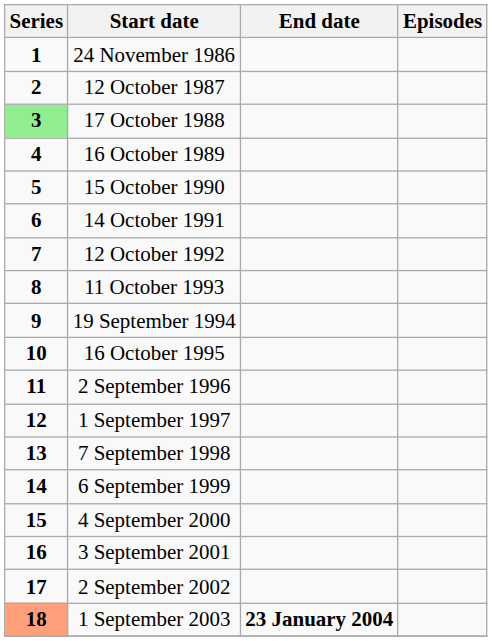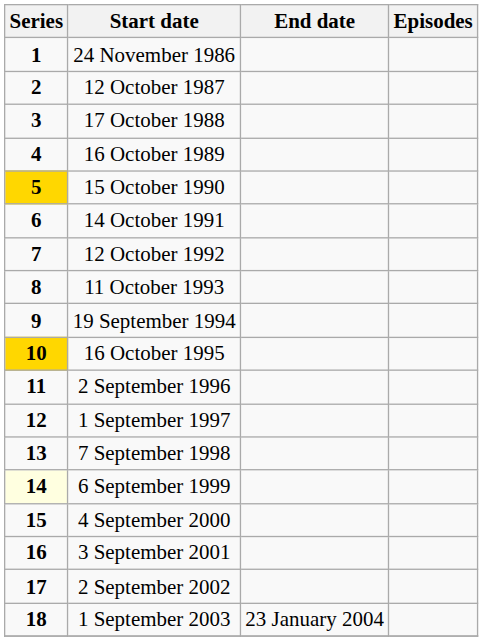 <table class="wikitable" style="text-align:center;">
 <tr>
 <th>Series</th>
 <th>Start date</th>
 <th>End date</th>
 <th>Episodes</th>
 </tr>
 <tr>
 <td><strong>1</strong></td>
 <td>24 November 1986</td>
 <td></td>
 <td></td>
 </tr>
 <tr>
 <td><strong>2</strong></td>
 <td>12 October 1987</td>
 <td></td>
 <td></td>
 </tr>
 <tr>
-<td style="background: lightgreen;"><strong>3</strong></td>
+<td><strong>3</strong></td>
 <td>17 October 1988</td>
 <td></td>
 <td></td>
 </tr>
 <tr>
 <td><strong>4</strong></td>
 <td>16 October 1989</td>
 <td></td>
 <td></td>
 </tr>
 <tr>
-<td><strong>5</strong></td>
+<td style="background: gold;"><strong>5</strong></td>
 <td>15 October 1990</td>
 <td></td>
 <td></td>
 </tr>
 <tr>
 <td><strong>6</strong></td>
 <td>14 October 1991</td>
 <td></td>
 <td></td>
 </tr>
 <tr>
 <td><strong>7</strong></td>
 <td>12 October 1992</td>
 <td></td>
 <td></td>
 </tr>
 <tr>
 <td><strong>8</strong></td>
 <td>11 October 1993</td>
 <td></td>
 <td></td>
 </tr>
 <tr>
 <td><strong>9</strong></td>
 <td>19 September 1994</td>
 <td></td>
 <td></td>
 </tr>
 <tr>
-<td><strong>10</strong></td>
+<td style="background: gold;"><strong>10</strong></td>
 <td>16 October 1995</td>
 <td></td>
 <td></td>
 </tr>
 <tr>
 <td><strong>11</strong></td>
 <td>2 September 1996</td>
 <td></td>
 <td></td>
 </tr>
 <tr>
 <td><strong>12</strong></td>
 <td>1 September 1997</td>
 <td></td>
 <td></td>
 </tr>
 <tr>
 <td><strong>13</strong></td>
 <td>7 September 1998</td>
 <td></td>
 <td></td>
 </tr>
 <tr>
-<td><strong>14</strong></td>
+<td style="background: lightyellow;"><strong>14</strong></td>
 <td>6 September 1999</td>
 <td></td>
 <td></td>
 </tr>
 <tr>
 <td><strong>15</strong></td>
 <td>4 September 2000</td>
 <td></td>
 <td></td>
 </tr>
 <tr>
 <td><strong>16</strong></td>
 <td>3 September 2001</td>
 <td></td>
 <td></td>
 </tr>
 <tr>
 <td><strong>17</strong></td>
 <td>2 September 2002</td>
 <td></td>
 <td></td>
 </tr>
 <tr>
-<td style="background: lightsalmon;"><strong>18</strong></td>
+<td><strong>18</strong></td>
 <td>1 September 2003</td>
-<td><strong>23 January 2004</strong></td>
+<td>23 January 2004</td>
 <td></td>
 </tr>
 <tr>
 </tr>
 </table>
